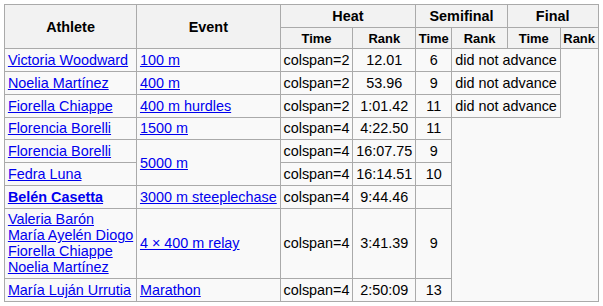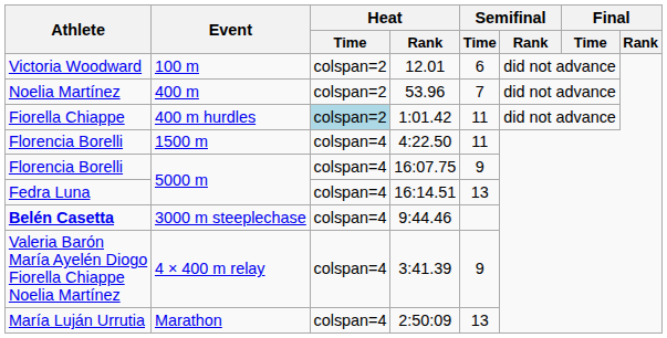 <table class="wikitable" style="font-size:90%;text-align:center">
 <tr>
 <th rowspan=2>Athlete</th>
 <th rowspan=2>Event</th>
 <th colspan=2>Heat</th>
 <th colspan=2>Semifinal</th>
 <th colspan=2>Final</th>
 </tr>
 <tr style=font-size:90%>
 <th>Time</th>
 <th>Rank</th>
 <th>Time</th>
 <th>Rank</th>
 <th>Time</th>
 <th>Rank</th>
 </tr>
 <tr>
 <td style="text-align:left"><a href='#'>Victoria Woodward</a></td>
 <td style="text-align:left"><a href='#'>100 m</a></td>
 <td>colspan=2 </td>
 <td>12.01</td>
 <td>6</td>
 <td colspan=2>did not advance</td>
 </tr>
 <tr>
 <td style="text-align:left"><a href='#'>Noelia Martínez</a></td>
 <td style="text-align:left"><a href='#'>400 m</a></td>
 <td>colspan=2 </td>
 <td>53.96</td>
-<td>9</td>
+<td>7</td>
 <td colspan=2>did not advance</td>
 </tr>
 <tr>
 <td style="text-align:left"><a href='#'>Fiorella Chiappe</a></td>
 <td style="text-align:left"><a href='#'>400 m hurdles</a></td>
-<td>colspan=2 </td>
+<td style="background: lightblue;">colspan=2 </td>
 <td>1:01.42</td>
 <td>11</td>
 <td colspan=2>did not advance</td>
 </tr>
 <tr>
 <td style="text-align:left"><a href='#'>Florencia Borelli</a></td>
 <td style="text-align:left"><a href='#'>1500 m</a></td>
 <td>colspan=4 </td>
 <td>4:22.50</td>
 <td>11</td>
 </tr>
 <tr>
 <td style="text-align:left"><a href='#'>Florencia Borelli</a></td>
 <td style="text-align:left" rowspan=2><a href='#'>5000 m</a></td>
 <td>colspan=4 </td>
 <td>16:07.75</td>
 <td>9</td>
 </tr>
 <tr>
 <td style="text-align:left"><a href='#'>Fedra Luna</a></td>
 <td>colspan=4 </td>
 <td>16:14.51</td>
-<td>10</td>
+<td>13</td>
 </tr>
 <tr>
 <td style="text-align:left"><strong><a href='#'>Belén Casetta</a></strong></td>
 <td style="text-align:left"><a href='#'>3000 m steeplechase</a></td>
 <td>colspan=4 </td>
 <td>9:44.46</td>
 <td></td>
 </tr>
 <tr>
 <td style="text-align:left"><a href='#'>Valeria Barón</a><br><a href='#'>María Ayelén Diogo</a><br><a href='#'>Fiorella Chiappe</a><br><a href='#'>Noelia Martínez</a></td>
 <td style="text-align:left"><a href='#'>4 × 400 m relay</a></td>
 <td>colspan=4 </td>
 <td>3:41.39</td>
 <td>9</td>
 </tr>
 <tr>
 <td style="text-align:left"><a href='#'>María Luján Urrutia</a></td>
 <td style="text-align:left"><a href='#'>Marathon</a></td>
 <td>colspan=4 </td>
 <td>2:50:09</td>
 <td>13</td>
 </tr>
 </table>
